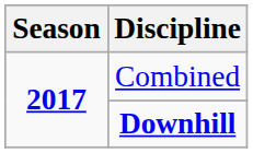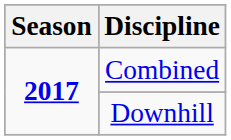 <table class="wikitable" style="text-align:center;">
 <tr>
 <th>Season</th>
 <th>Discipline</th>
 </tr>
 <tr>
 <td rowspan="2"><strong><a href='#'>2017</a></strong></td>
 <td><a href='#'>Combined</a></td>
 </tr>
 <tr>
-<td><strong><a href='#'>Downhill</a></strong></td>
+<td><a href='#'>Downhill</a></td>
 </tr>
 </table>
